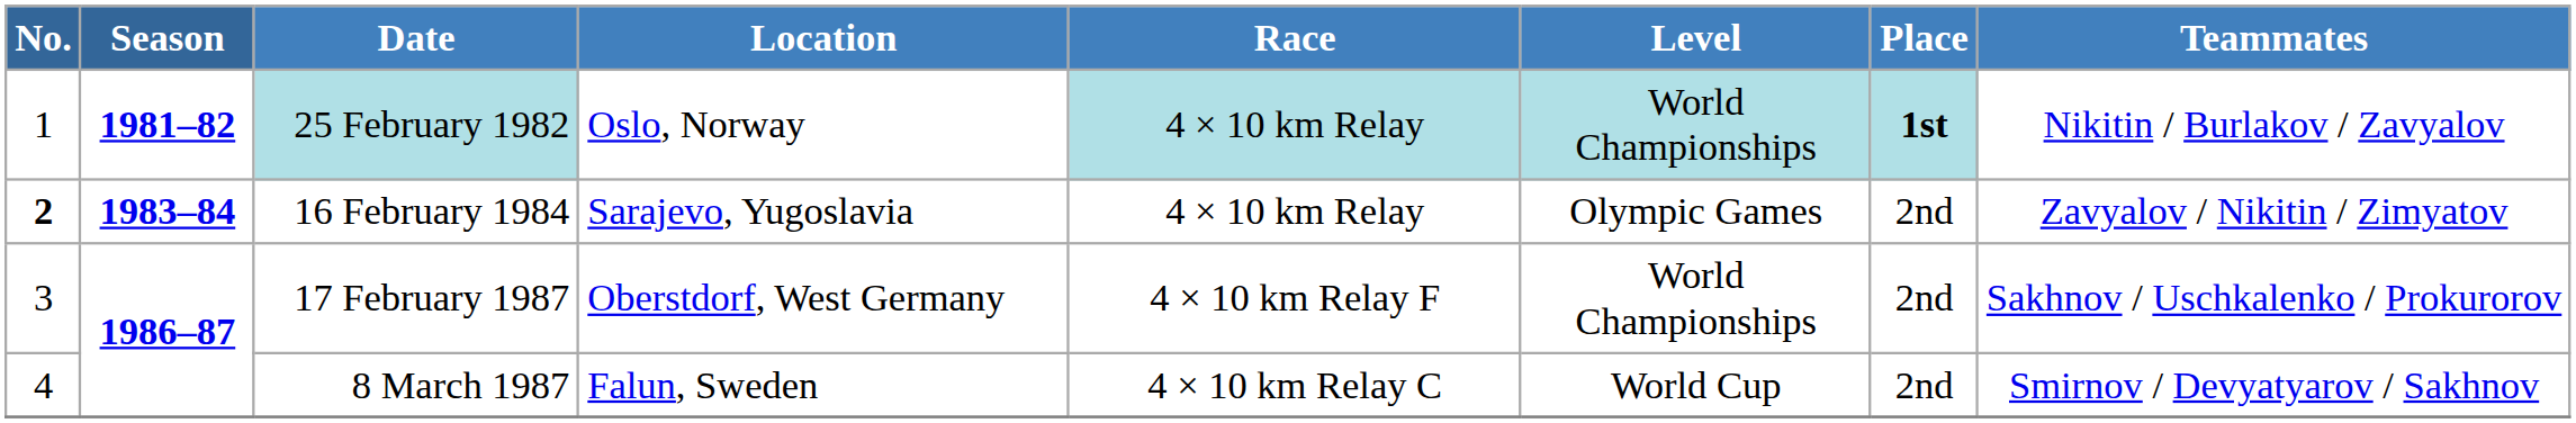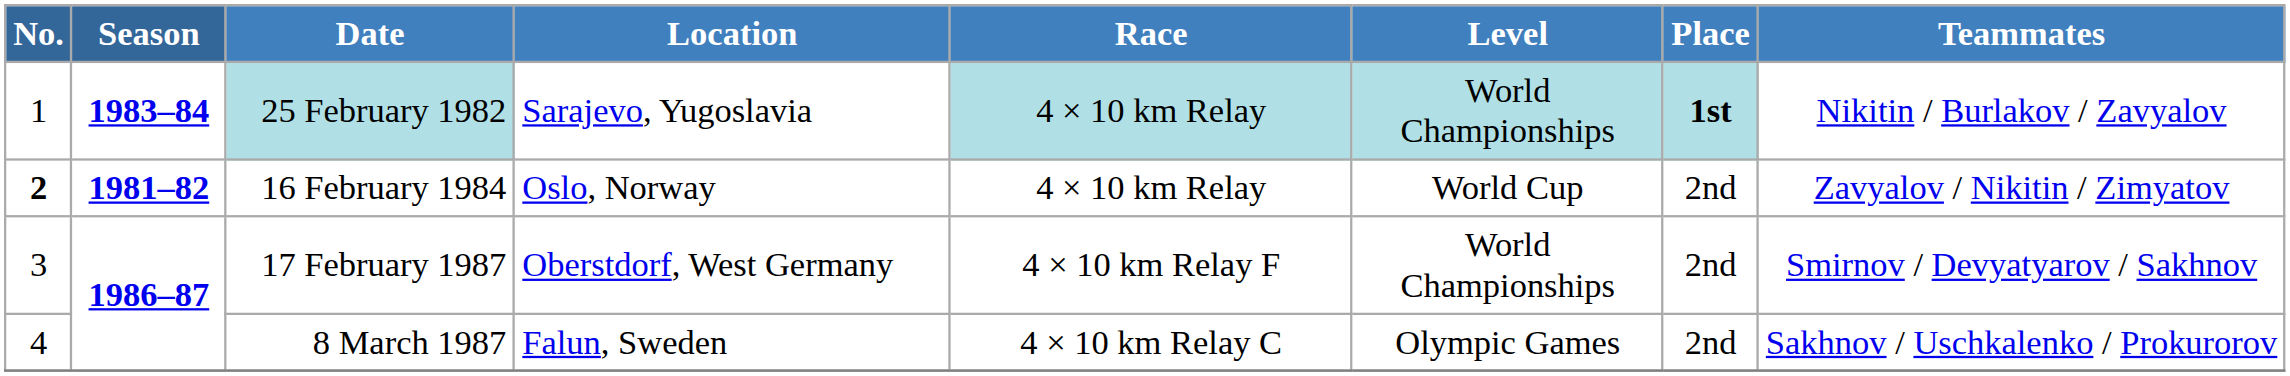 <table class="wikitable sortable" style="font-size:95%; text-align:center; border:grey solid 1px; border-collapse:collapse; background:#ffffff;">
 <tr style="background:#efefef;">
 <th style="background-color:#369; color:white;">No.</th>
 <th style="background-color:#369; color:white;">Season</th>
 <th style="background-color:#4180be; color:white; width:120px;">Date</th>
 <th style="background-color:#4180be; color:white; width:185px;">Location</th>
 <th style="background-color:#4180be; color:white; width:170px;">Race</th>
 <th style="background-color:#4180be; color:white; width:130px;">Level</th>
 <th style="background-color:#4180be; color:white;">Place</th>
 <th style="background-color:#4180be; color:white;">Teammates</th>
 </tr>
 <tr>
 <td align=center>1</td>
-<td rowspan=1 align=center><strong><a href='#'>1981–82</a></strong></td>
+<td rowspan=1 align=center><strong> <a href='#'>1983–84</a> </strong></td>
 <td bgcolor="#BOEOE6" align=right>25 February 1982</td>
-<td align=left> <a href='#'>Oslo</a>, Norway</td>
+<td align=left> <a href='#'>Sarajevo</a>, Yugoslavia</td>
 <td bgcolor="#BOEOE6">4 × 10 km Relay</td>
 <td bgcolor="#BOEOE6">World Championships</td>
 <td bgcolor="#BOEOE6"><strong>1st</strong></td>
 <td><a href='#'>Nikitin</a> / <a href='#'>Burlakov</a> / <a href='#'>Zavyalov</a></td>
 </tr>
 <tr>
 <td align=center><strong>2</strong></td>
-<td rowspan=1 align=center><strong> <a href='#'>1983–84</a> </strong></td>
+<td rowspan=1 align=center><strong><a href='#'>1981–82</a></strong></td>
 <td align=right>16 February 1984</td>
-<td align=left> <a href='#'>Sarajevo</a>, Yugoslavia</td>
+<td align=left> <a href='#'>Oslo</a>, Norway</td>
 <td>4 × 10 km Relay</td>
-<td>Olympic Games</td>
+<td>World Cup</td>
 <td>2nd</td>
 <td><a href='#'>Zavyalov</a> / <a href='#'>Nikitin</a> / <a href='#'>Zimyatov</a></td>
 </tr>
 <tr>
 <td align=center>3</td>
 <td rowspan=2 align=center><strong><a href='#'>1986–87</a></strong></td>
 <td align=right>17 February 1987</td>
 <td align=left> <a href='#'>Oberstdorf</a>, West Germany</td>
 <td>4 × 10 km Relay F</td>
 <td>World Championships</td>
 <td>2nd</td>
-<td><a href='#'>Sakhnov</a> / <a href='#'>Uschkalenko</a> / <a href='#'>Prokurorov</a></td>
+<td><a href='#'>Smirnov</a> / <a href='#'>Devyatyarov</a> / <a href='#'>Sakhnov</a></td>
 </tr>
 <tr>
 <td align=center>4</td>
 <td align=right>8 March 1987</td>
 <td align=left> <a href='#'>Falun</a>, Sweden</td>
 <td>4 × 10 km Relay C</td>
-<td>World Cup</td>
+<td>Olympic Games</td>
 <td>2nd</td>
-<td><a href='#'>Smirnov</a> / <a href='#'>Devyatyarov</a> / <a href='#'>Sakhnov</a></td>
+<td><a href='#'>Sakhnov</a> / <a href='#'>Uschkalenko</a> / <a href='#'>Prokurorov</a></td>
 </tr>
 <tr>
 </tr>
 </table>
